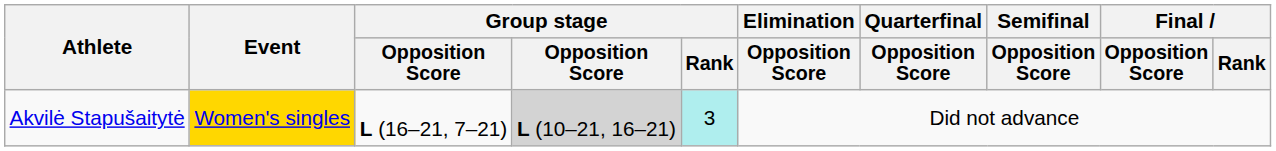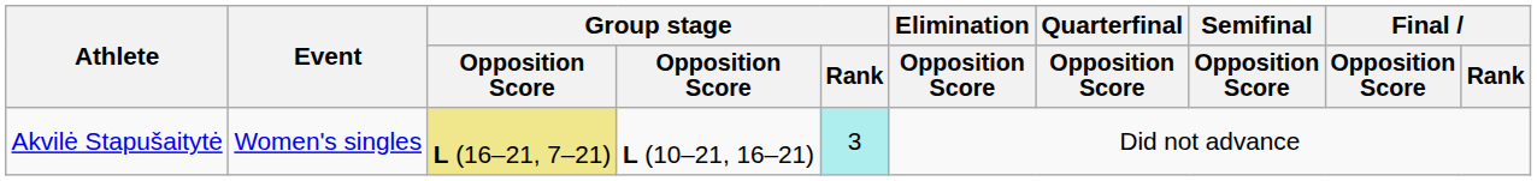 <table class="wikitable" style="font-size:90%">
 <tr>
 <th rowspan=2>Athlete</th>
 <th rowspan=2>Event</th>
 <th colspan=3>Group stage</th>
 <th>Elimination</th>
 <th>Quarterfinal</th>
 <th>Semifinal</th>
 <th colspan=2>Final / </th>
 </tr>
 <tr style="font-size:95%">
 <th>Opposition<br>Score</th>
 <th>Opposition<br>Score</th>
 <th>Rank</th>
 <th>Opposition<br>Score</th>
 <th>Opposition<br>Score</th>
 <th>Opposition<br>Score</th>
 <th>Opposition<br>Score</th>
 <th>Rank</th>
 </tr>
 <tr align=center>
 <td align=left><a href='#'>Akvilė Stapušaitytė</a></td>
-<td align=left style="background: gold;"><a href='#'>Women's singles</a></td>
-<td><br><strong>L</strong> (16–21, 7–21)</td>
-<td style="background: lightgrey;"><br><strong>L</strong> (10–21, 16–21)</td>
+<td align=left><a href='#'>Women's singles</a></td>
+<td style="background: khaki;"><br><strong>L</strong> (16–21, 7–21)</td>
+<td><br><strong>L</strong> (10–21, 16–21)</td>
 <td style="background: paleturquoise;">3</td>
 <td colspan =5>Did not advance</td>
 </tr>
 </table>
